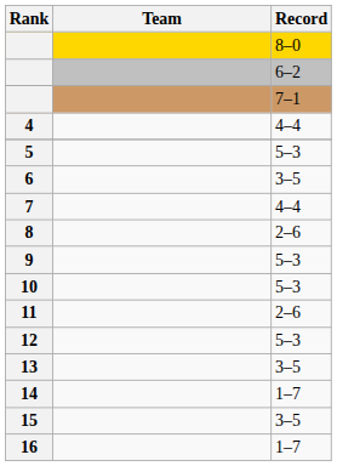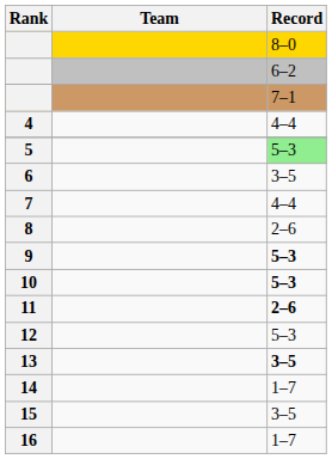 <table class="wikitable">
 <tr>
 <th>Rank</th>
 <th width=200px>Team</th>
 <th>Record</th>
 </tr>
 <tr bgcolor=gold>
 <th></th>
 <td></td>
 <td>8–0</td>
 </tr>
 <tr bgcolor=silver>
 <th></th>
 <td></td>
 <td>6–2</td>
 </tr>
 <tr>
 </tr>
 <tr bgcolor=cc9966>
 <th></th>
 <td></td>
 <td>7–1</td>
 </tr>
 <tr>
 <th>4</th>
 <td></td>
 <td>4–4</td>
 </tr>
 <tr>
 </tr>
 <tr>
 <th>5</th>
 <td></td>
-<td>5–3</td>
+<td style="background: lightgreen;">5–3</td>
 </tr>
 <tr>
 <th>6</th>
 <td></td>
 <td>3–5</td>
 </tr>
 <tr>
 <th>7</th>
 <td></td>
 <td>4–4</td>
 </tr>
 <tr>
 <th>8</th>
 <td></td>
 <td>2–6</td>
 </tr>
 <tr>
 <th>9</th>
 <td></td>
-<td>5–3</td>
+<td><strong>5–3</strong></td>
 </tr>
 <tr>
 <th>10</th>
 <td></td>
-<td>5–3</td>
+<td><strong>5–3</strong></td>
 </tr>
 <tr>
 <th>11</th>
 <td></td>
-<td>2–6</td>
+<td><strong>2–6</strong></td>
 </tr>
 <tr>
 <th>12</th>
 <td></td>
 <td>5–3</td>
 </tr>
 <tr>
 <th>13</th>
 <td></td>
-<td>3–5</td>
+<td><strong>3–5</strong></td>
 </tr>
 <tr>
 <th>14</th>
 <td></td>
 <td>1–7</td>
 </tr>
 <tr>
 <th>15</th>
 <td></td>
 <td>3–5</td>
 </tr>
 <tr>
 <th>16</th>
 <td></td>
 <td>1–7</td>
 </tr>
 </table>
